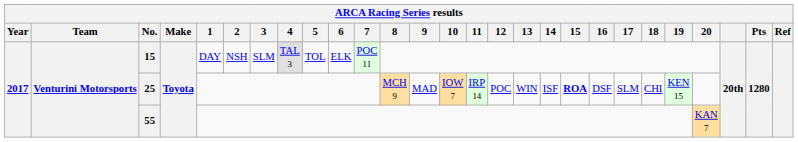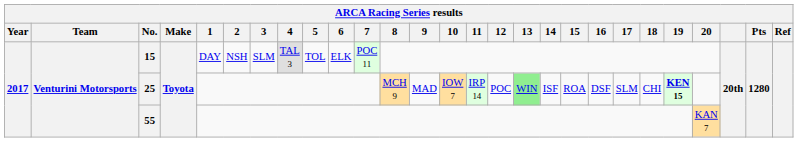 <table class="wikitable" style="text-align:center; font-size:75%">
 <tr>
 <th colspan=27><a href='#'>ARCA Racing Series</a> results</th>
 </tr>
 <tr>
 <th>Year</th>
 <th>Team</th>
 <th>No.</th>
 <th>Make</th>
 <th>1</th>
 <th>2</th>
 <th>3</th>
 <th>4</th>
 <th>5</th>
 <th>6</th>
 <th>7</th>
 <th>8</th>
 <th>9</th>
 <th>10</th>
 <th>11</th>
 <th>12</th>
 <th>13</th>
 <th>14</th>
 <th>15</th>
 <th>16</th>
 <th>17</th>
 <th>18</th>
 <th>19</th>
 <th>20</th>
 <th></th>
 <th>Pts</th>
 <th>Ref</th>
 </tr>
 <tr>
 <th rowspan=3><a href='#'>2017</a></th>
 <th rowspan=3><a href='#'>Venturini Motorsports</a></th>
 <th>15</th>
 <th rowspan=3><a href='#'>Toyota</a></th>
 <td><a href='#'>DAY</a></td>
 <td><a href='#'>NSH</a></td>
 <td><a href='#'>SLM</a></td>
 <td style="background:#DFDFDF;"><a href='#'>TAL</a><br><small>3</small></td>
 <td><a href='#'>TOL</a></td>
 <td><a href='#'>ELK</a></td>
 <td style="background:#DFFFDF;"><a href='#'>POC</a><br><small>11</small></td>
 <td colspan=13></td>
 <th rowspan=3>20th</th>
 <th rowspan=3>1280</th>
 <th rowspan=3></th>
 </tr>
 <tr>
 <th>25</th>
 <td colspan=7></td>
 <td style="background:#FFDF9F;"><a href='#'>MCH</a><br><small>9</small></td>
 <td><a href='#'>MAD</a></td>
 <td style="background:#FFDF9F;"><a href='#'>IOW</a><br><small>7</small></td>
 <td style="background:#DFFFDF;"><a href='#'>IRP</a><br><small>14</small></td>
 <td><a href='#'>POC</a></td>
-<td><a href='#'>WIN</a></td>
+<td style="background: lightgreen;"><a href='#'>WIN</a></td>
 <td><a href='#'>ISF</a></td>
-<td><strong><a href='#'>ROA</a></strong></td>
+<td><a href='#'>ROA</a></td>
 <td><a href='#'>DSF</a></td>
 <td><a href='#'>SLM</a></td>
 <td><a href='#'>CHI</a></td>
-<td style="background:#DFFFDF;"><a href='#'>KEN</a><br><small>15</small></td>
+<td style="background:#DFFFDF;"><strong><a href='#'>KEN</a><br><small>15</small></strong></td>
 <td></td>
 </tr>
 <tr>
 <th>55</th>
 <td colspan=19></td>
 <td style="background:#FFDF9F;"><a href='#'>KAN</a><br><small>7</small></td>
 </tr>
 </table>
